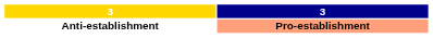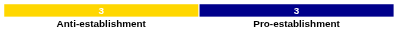 <table style="width:50%; text-align:center;">
 <tr style="color:white;">
 <td style="background:gold; width:50%;"><strong>3</strong></td>
 <td style="background:darkblue; width:50%;"><strong>3</strong></td>
 </tr>
 <tr>
 <td><span><strong>Anti-establishment</strong></span></td>
-<td style="background: lightsalmon;"><span><strong>Pro-establishment</strong></span></td>
+<td><span><strong>Pro-establishment</strong></span></td>
 </tr>
 </table>
